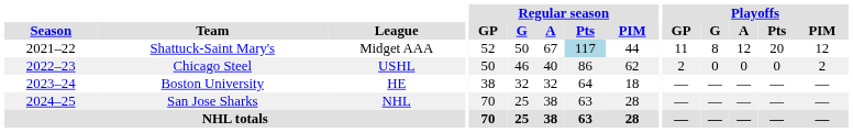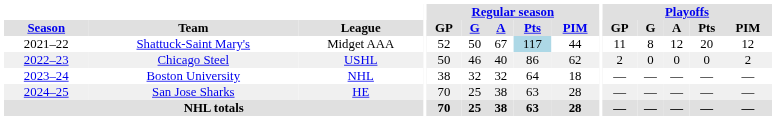 <table border="0" cellpadding="1" cellspacing="0" style="text-align:center; width:60em">
 <tr bgcolor="#e0e0e0">
 <th colspan="3" bgcolor="#ffffff"></th>
 <th rowspan="100" bgcolor="#ffffff"></th>
 <th colspan="5"><a href='#'>Regular season</a></th>
 <th rowspan="100" bgcolor="#ffffff"></th>
 <th colspan="5"><a href='#'>Playoffs</a></th>
 </tr>
 <tr bgcolor="#e0e0e0">
 <th><a href='#'>Season</a></th>
 <th>Team</th>
 <th>League</th>
 <th>GP</th>
 <th><a href='#'>G</a></th>
 <th><a href='#'>A</a></th>
 <th><a href='#'>Pts</a></th>
 <th><a href='#'>PIM</a></th>
 <th>GP</th>
 <th>G</th>
 <th>A</th>
 <th>Pts</th>
 <th>PIM</th>
 </tr>
 <tr>
 <td>2021–22</td>
 <td><a href='#'>Shattuck-Saint Mary's</a></td>
 <td>Midget AAA</td>
 <td>52</td>
 <td>50</td>
 <td>67</td>
 <td style="background: lightblue;">117</td>
 <td>44</td>
 <td>11</td>
 <td>8</td>
 <td>12</td>
 <td>20</td>
 <td>12</td>
 </tr>
 <tr bgcolor="#f0f0f0">
 <td><a href='#'>2022–23</a></td>
 <td><a href='#'>Chicago Steel</a></td>
 <td><a href='#'>USHL</a></td>
 <td>50</td>
 <td>46</td>
 <td>40</td>
 <td>86</td>
 <td>62</td>
 <td>2</td>
 <td>0</td>
 <td>0</td>
 <td>0</td>
 <td>2</td>
 </tr>
 <tr>
 <td><a href='#'>2023–24</a></td>
 <td><a href='#'>Boston University</a></td>
-<td><a href='#'>HE</a></td>
+<td><a href='#'>NHL</a></td>
 <td>38</td>
 <td>32</td>
 <td>32</td>
 <td>64</td>
 <td>18</td>
 <td>—</td>
 <td>—</td>
 <td>—</td>
 <td>—</td>
 <td>—</td>
 </tr>
 <tr bgcolor="#f0f0f0">
 <td><a href='#'>2024–25</a></td>
 <td><a href='#'>San Jose Sharks</a></td>
-<td><a href='#'>NHL</a></td>
+<td><a href='#'>HE</a></td>
 <td>70</td>
 <td>25</td>
 <td>38</td>
 <td>63</td>
 <td>28</td>
 <td>—</td>
 <td>—</td>
 <td>—</td>
 <td>—</td>
 <td>—</td>
 </tr>
 <tr bgcolor="#e0e0e0">
 <th colspan="3">NHL totals</th>
 <th>70</th>
 <th>25</th>
 <th>38</th>
 <th>63</th>
 <th>28</th>
 <th>—</th>
 <th>—</th>
 <th>—</th>
 <th>—</th>
 <th>—</th>
 </tr>
 </table>
